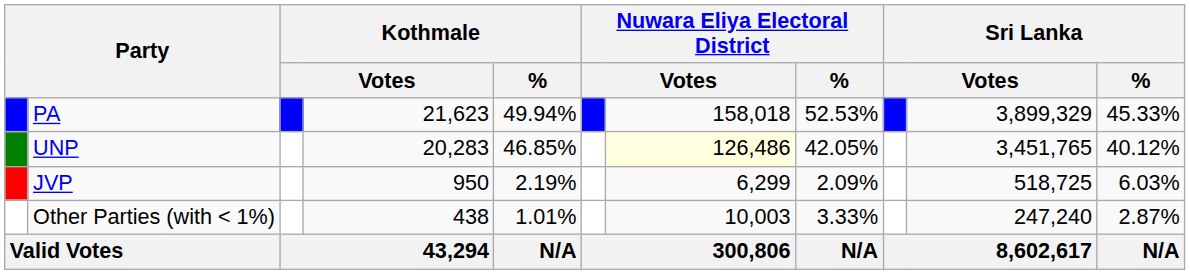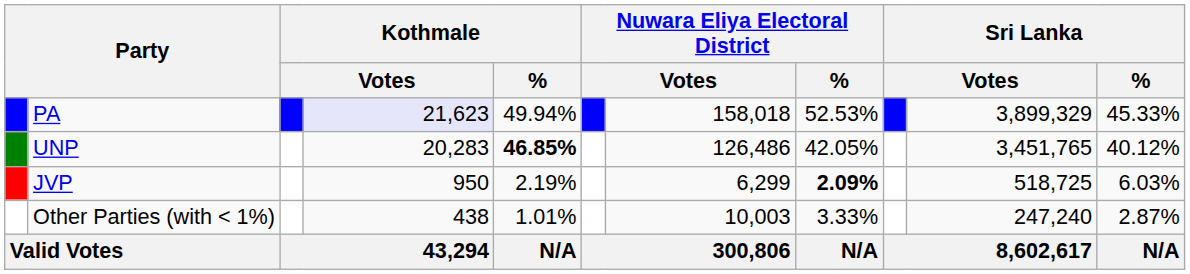 <table class="wikitable">
 <tr>
 <th colspan="2" width="144px"rowspan="2">Party</th>
 <th colspan="3" width="216px">Kothmale</th>
 <th colspan="3" width="216px"><a href='#'>Nuwara Eliya Electoral District</a></th>
 <th colspan="3" width="216px">Sri Lanka</th>
 </tr>
 <tr>
 <th colspan="2" width="144px">Votes</th>
 <th>%</th>
 <th colspan="2" width="144px">Votes</th>
 <th>%</th>
 <th colspan="2" width="144px">Votes</th>
 <th>%</th>
 </tr>
 <tr>
 <td style="background-color:blue;" width="10px"></td>
 <td style="text-align:left;"><a href='#'>PA</a></td>
 <td style="background-color:blue;" width="10px"></td>
-<td style="text-align:right;">21,623</td>
+<td style="background: lavender; text-align:right;">21,623</td>
 <td style="text-align:right;">49.94%</td>
 <td style="background-color:blue;" width="10px"></td>
 <td style="text-align:right;">158,018</td>
 <td style="text-align:right;">52.53%</td>
 <td style="background-color:blue;" width="10px"></td>
 <td style="text-align:right;">3,899,329</td>
 <td style="text-align:right;">45.33%</td>
 </tr>
 <tr>
 <td style="background-color:green;" width="10px"></td>
 <td style="text-align:left;"><a href='#'>UNP</a></td>
 <td style="background-color:white;" width="10px"></td>
 <td style="text-align:right;">20,283</td>
-<td style="text-align:right;">46.85%</td>
+<td style="text-align:right;"><strong>46.85%</strong></td>
 <td style="background-color:white;" width="10px"></td>
-<td style="background: lightyellow; text-align:right;">126,486</td>
+<td style="text-align:right;">126,486</td>
 <td style="text-align:right;">42.05%</td>
 <td style="background-color:white;" width="10px"></td>
 <td style="text-align:right;">3,451,765</td>
 <td style="text-align:right;">40.12%</td>
 </tr>
 <tr>
 <td style="background-color:red;" width="10px"></td>
 <td style="text-align:left;"><a href='#'>JVP</a></td>
 <td style="background-color:white;" width="10px"></td>
 <td style="text-align:right;">950</td>
 <td style="text-align:right;">2.19%</td>
 <td style="background-color:white;" width="10px"></td>
 <td style="text-align:right;">6,299</td>
-<td style="text-align:right;">2.09%</td>
+<td style="text-align:right;"><strong>2.09%</strong></td>
 <td style="background-color:white;" width="10px"></td>
 <td style="text-align:right;">518,725</td>
 <td style="text-align:right;">6.03%</td>
 </tr>
 <tr>
 <td style="background-color:white;" width="10px"></td>
 <td style="text-align:left;">Other Parties (with < 1%)</td>
 <td style="background-color:white;" width="10px"></td>
 <td style="text-align:right;">438</td>
 <td style="text-align:right;">1.01%</td>
 <td style="background-color:white;" width="10px"></td>
 <td style="text-align:right;">10,003</td>
 <td style="text-align:right;">3.33%</td>
 <td style="background-color:white;" width="10px"></td>
 <td style="text-align:right;">247,240</td>
 <td style="text-align:right;">2.87%</td>
 </tr>
 <tr>
 <th colspan="2" width="144px"style="text-align:left;">Valid Votes</th>
 <th style="text-align:right;"colspan="2" width="144px">43,294</th>
 <th style="text-align:right;">N/A</th>
 <th style="text-align:right;"colspan="2" width="144px">300,806</th>
 <th style="text-align:right;">N/A</th>
 <th style="text-align:right;"colspan="2" width="144px">8,602,617</th>
 <th style="text-align:right;">N/A</th>
 </tr>
 </table>
